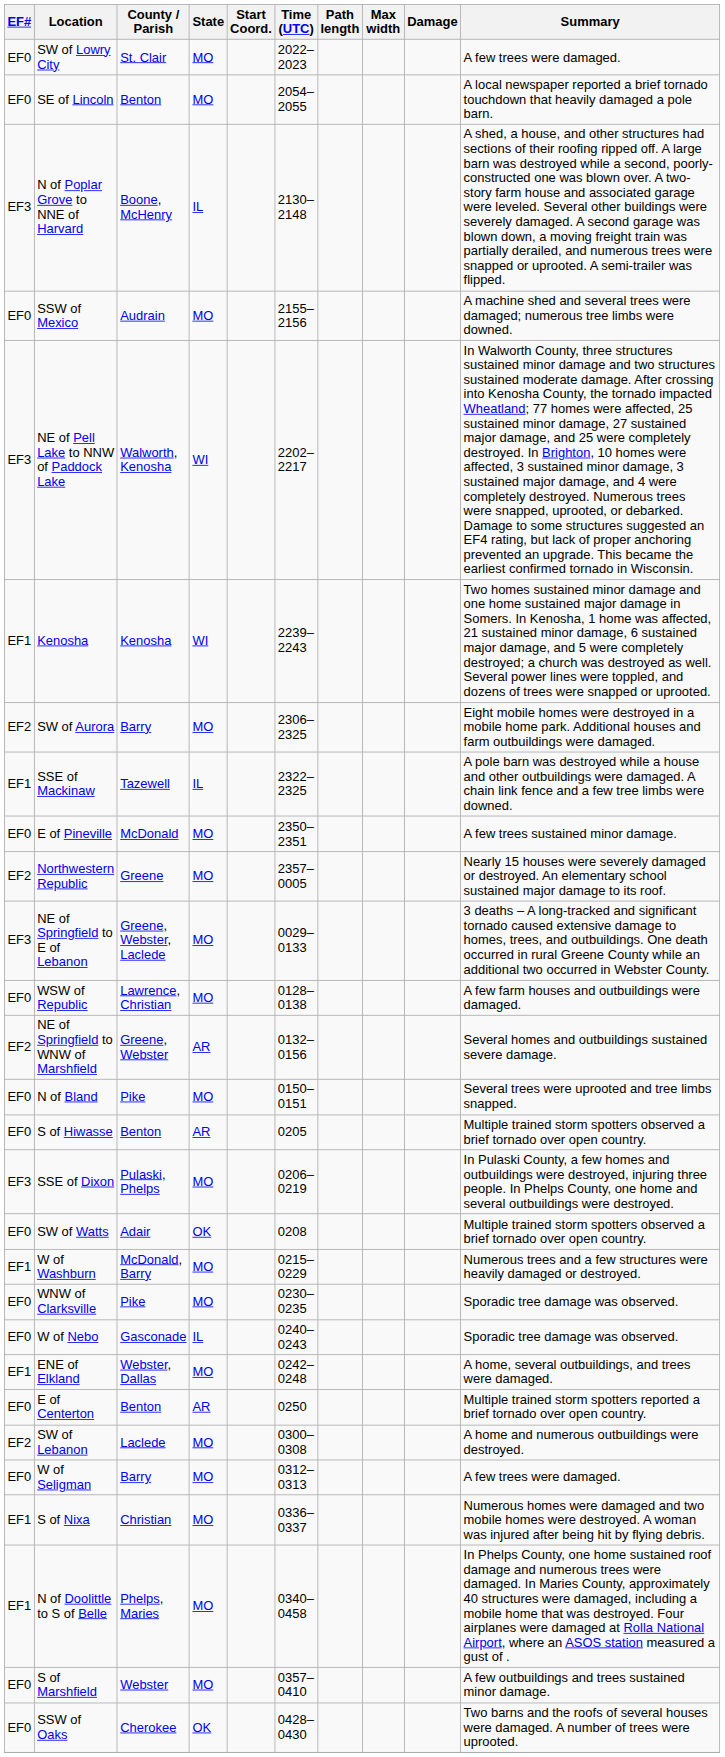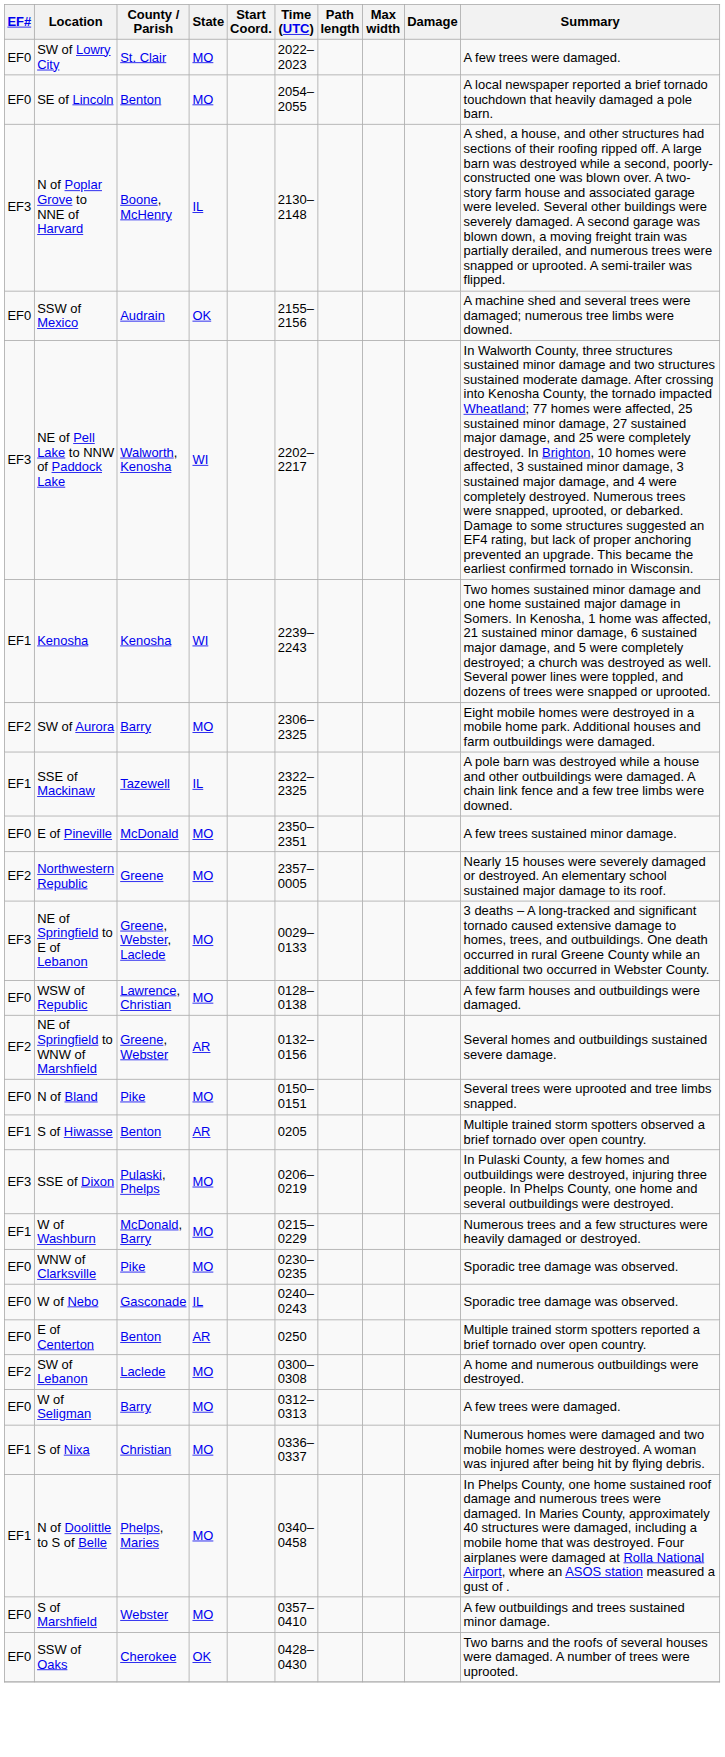 <table class="wikitable sortable" style="width:100%;">
 <tr>
 <th scope="col" width="3%" align="center"><a href='#'>EF#</a></th>
 <th scope="col" width="7%" align="center" class="unsortable">Location</th>
 <th scope="col" width="6%" align="center" class="unsortable">County / Parish</th>
 <th scope="col" width="5%" align="center">State</th>
 <th scope="col" width="6%" align="center">Start Coord.</th>
 <th scope="col" width="6%" align="center">Time (<a href='#'>UTC</a>)</th>
 <th scope="col" width="6%" align="center">Path length</th>
 <th scope="col" width="6%" align="center">Max width</th>
 <th scope="col" width="6%" align="center">Damage</th>
 <th scope="col" width="48%" class="unsortable" align="center">Summary</th>
 </tr>
 <tr>
 <td>EF0</td>
 <td>SW of <a href='#'>Lowry City</a></td>
 <td><a href='#'>St. Clair</a></td>
 <td><a href='#'>MO</a></td>
 <td></td>
 <td>2022–2023</td>
 <td></td>
 <td></td>
 <td></td>
 <td>A few trees were damaged.</td>
 </tr>
 <tr>
 <td>EF0</td>
 <td>SE of <a href='#'>Lincoln</a></td>
 <td><a href='#'>Benton</a></td>
 <td><a href='#'>MO</a></td>
 <td></td>
 <td>2054–2055</td>
 <td></td>
 <td></td>
 <td></td>
 <td>A local newspaper reported a brief tornado touchdown that heavily damaged a pole barn.</td>
 </tr>
 <tr>
 <td>EF3</td>
 <td>N of <a href='#'>Poplar Grove</a> to NNE of <a href='#'>Harvard</a></td>
 <td><a href='#'>Boone</a>, <a href='#'>McHenry</a></td>
 <td><a href='#'>IL</a></td>
 <td></td>
 <td>2130–2148</td>
 <td></td>
 <td></td>
 <td></td>
 <td>A shed, a house, and other structures had sections of their roofing ripped off. A large barn was destroyed while a second, poorly-constructed one was blown over. A two-story farm house and associated garage were leveled. Several other buildings were severely damaged. A second garage was blown down, a moving freight train was partially derailed, and numerous trees were snapped or uprooted. A semi-trailer was flipped.</td>
 </tr>
 <tr>
 <td>EF0</td>
 <td>SSW of <a href='#'>Mexico</a></td>
 <td><a href='#'>Audrain</a></td>
-<td><a href='#'>MO</a></td>
+<td><a href='#'>OK</a></td>
 <td></td>
 <td>2155–2156</td>
 <td></td>
 <td></td>
 <td></td>
 <td>A machine shed and several trees were damaged; numerous tree limbs were downed.</td>
 </tr>
 <tr>
 <td>EF3</td>
 <td>NE of <a href='#'>Pell Lake</a> to NNW of <a href='#'>Paddock Lake</a></td>
 <td><a href='#'>Walworth</a>, <a href='#'>Kenosha</a></td>
 <td><a href='#'>WI</a></td>
 <td></td>
 <td>2202–2217</td>
 <td></td>
 <td></td>
 <td></td>
 <td>In Walworth County, three structures sustained minor damage and two structures sustained moderate damage. After crossing into Kenosha County, the tornado impacted <a href='#'>Wheatland</a>; 77 homes were affected, 25 sustained minor damage, 27 sustained major damage, and 25 were completely destroyed. In <a href='#'>Brighton</a>, 10 homes were affected, 3 sustained minor damage, 3 sustained major damage, and 4 were completely destroyed. Numerous trees were snapped, uprooted, or debarked. Damage to some structures suggested an EF4 rating, but lack of proper anchoring prevented an upgrade. This became the earliest confirmed tornado in Wisconsin.</td>
 </tr>
 <tr>
 <td>EF1</td>
 <td><a href='#'>Kenosha</a></td>
 <td><a href='#'>Kenosha</a></td>
 <td><a href='#'>WI</a></td>
 <td></td>
 <td>2239–2243</td>
 <td></td>
 <td></td>
 <td></td>
 <td>Two homes sustained minor damage and one home sustained major damage in Somers. In Kenosha, 1 home was affected, 21 sustained minor damage, 6 sustained major damage, and 5 were completely destroyed; a church was destroyed as well. Several power lines were toppled, and dozens of trees were snapped or uprooted.</td>
 </tr>
 <tr>
 <td>EF2</td>
 <td>SW of <a href='#'>Aurora</a></td>
 <td><a href='#'>Barry</a></td>
 <td><a href='#'>MO</a></td>
 <td></td>
 <td>2306–2325</td>
 <td></td>
 <td></td>
 <td></td>
 <td>Eight mobile homes were destroyed in a mobile home park. Additional houses and farm outbuildings were damaged.</td>
 </tr>
 <tr>
 <td>EF1</td>
 <td>SSE of <a href='#'>Mackinaw</a></td>
 <td><a href='#'>Tazewell</a></td>
 <td><a href='#'>IL</a></td>
 <td></td>
 <td>2322–2325</td>
 <td></td>
 <td></td>
 <td></td>
 <td>A pole barn was destroyed while a house and other outbuildings were damaged. A chain link fence and a few tree limbs were downed.</td>
 </tr>
 <tr>
 <td>EF0</td>
 <td>E of <a href='#'>Pineville</a></td>
 <td><a href='#'>McDonald</a></td>
 <td><a href='#'>MO</a></td>
 <td></td>
 <td>2350–2351</td>
 <td></td>
 <td></td>
 <td></td>
 <td>A few trees sustained minor damage.</td>
 </tr>
 <tr>
 <td>EF2</td>
 <td><a href='#'>Northwestern Republic</a></td>
 <td><a href='#'>Greene</a></td>
 <td><a href='#'>MO</a></td>
 <td></td>
 <td>2357–0005</td>
 <td></td>
 <td></td>
 <td></td>
 <td>Nearly 15 houses were severely damaged or destroyed. An elementary school sustained major damage to its roof.</td>
 </tr>
 <tr>
 <td>EF3</td>
 <td>NE of <a href='#'>Springfield</a> to E of <a href='#'>Lebanon</a></td>
 <td><a href='#'>Greene</a>, <a href='#'>Webster</a>, <a href='#'>Laclede</a></td>
 <td><a href='#'>MO</a></td>
 <td></td>
 <td>0029–0133</td>
 <td></td>
 <td></td>
 <td></td>
 <td>3 deaths – A long-tracked and significant tornado caused extensive damage to homes, trees, and outbuildings. One death occurred in rural Greene County while an additional two occurred in Webster County.<br></td>
 </tr>
 <tr>
 <td>EF0</td>
 <td>WSW of <a href='#'>Republic</a></td>
 <td><a href='#'>Lawrence</a>, <a href='#'>Christian</a></td>
 <td><a href='#'>MO</a></td>
 <td></td>
 <td>0128–0138</td>
 <td></td>
 <td></td>
 <td></td>
 <td>A few farm houses and outbuildings were damaged.</td>
 </tr>
 <tr>
 <td>EF2</td>
 <td>NE of <a href='#'>Springfield</a> to WNW of <a href='#'>Marshfield</a></td>
 <td><a href='#'>Greene</a>, <a href='#'>Webster</a></td>
 <td><a href='#'>AR</a></td>
 <td></td>
 <td>0132–0156</td>
 <td></td>
 <td></td>
 <td></td>
 <td>Several homes and outbuildings sustained severe damage.</td>
 </tr>
 <tr>
 <td>EF0</td>
 <td>N of <a href='#'>Bland</a></td>
 <td><a href='#'>Pike</a></td>
 <td><a href='#'>MO</a></td>
 <td></td>
 <td>0150–0151</td>
 <td></td>
 <td></td>
 <td></td>
 <td>Several trees were uprooted and tree limbs snapped.</td>
 </tr>
 <tr>
-<td>EF0</td>
+<td>EF1</td>
 <td>S of <a href='#'>Hiwasse</a></td>
 <td><a href='#'>Benton</a></td>
 <td><a href='#'>AR</a></td>
 <td></td>
 <td>0205</td>
 <td></td>
 <td></td>
 <td></td>
 <td>Multiple trained storm spotters observed a brief tornado over open country.</td>
 </tr>
 <tr>
 <td>EF3</td>
 <td>SSE of <a href='#'>Dixon</a></td>
 <td><a href='#'>Pulaski</a>, <a href='#'>Phelps</a></td>
 <td><a href='#'>MO</a></td>
 <td></td>
 <td>0206–0219</td>
 <td></td>
 <td></td>
 <td></td>
 <td>In Pulaski County, a few homes and outbuildings were destroyed, injuring three people. In Phelps County, one home and several outbuildings were destroyed.</td>
-</tr>
-<tr>
-<td>EF0</td>
-<td>SW of <a href='#'>Watts</a></td>
-<td><a href='#'>Adair</a></td>
-<td><a href='#'>OK</a></td>
-<td></td>
-<td>0208</td>
-<td></td>
-<td></td>
-<td></td>
-<td>Multiple trained storm spotters observed a brief tornado over open country.</td>
 </tr>
 <tr>
 <td>EF1</td>
 <td>W of <a href='#'>Washburn</a></td>
 <td><a href='#'>McDonald</a>, <a href='#'>Barry</a></td>
 <td><a href='#'>MO</a></td>
 <td></td>
 <td>0215–0229</td>
 <td></td>
 <td></td>
 <td></td>
 <td>Numerous trees and a few structures were heavily damaged or destroyed.</td>
 </tr>
 <tr>
 <td>EF0</td>
 <td>WNW of <a href='#'>Clarksville</a></td>
 <td><a href='#'>Pike</a></td>
 <td><a href='#'>MO</a></td>
 <td></td>
 <td>0230–0235</td>
 <td></td>
 <td></td>
 <td></td>
 <td>Sporadic tree damage was observed.</td>
 </tr>
 <tr>
 <td>EF0</td>
 <td>W of <a href='#'>Nebo</a></td>
 <td><a href='#'>Gasconade</a></td>
 <td><a href='#'>IL</a></td>
 <td></td>
 <td>0240–0243</td>
 <td></td>
 <td></td>
 <td></td>
 <td>Sporadic tree damage was observed.</td>
-</tr>
-<tr>
-<td>EF1</td>
-<td>ENE of <a href='#'>Elkland</a></td>
-<td><a href='#'>Webster</a>, <a href='#'>Dallas</a></td>
-<td><a href='#'>MO</a></td>
-<td></td>
-<td>0242–0248</td>
-<td></td>
-<td></td>
-<td></td>
-<td>A home, several outbuildings, and trees were damaged.</td>
 </tr>
 <tr>
 <td>EF0</td>
 <td>E of <a href='#'>Centerton</a></td>
 <td><a href='#'>Benton</a></td>
 <td><a href='#'>AR</a></td>
 <td></td>
 <td>0250</td>
 <td></td>
 <td></td>
 <td></td>
 <td>Multiple trained storm spotters reported a brief tornado over open country.</td>
 </tr>
 <tr>
 <td>EF2</td>
 <td>SW of <a href='#'>Lebanon</a></td>
 <td><a href='#'>Laclede</a></td>
 <td><a href='#'>MO</a></td>
 <td></td>
 <td>0300–0308</td>
 <td></td>
 <td></td>
 <td></td>
 <td>A home and numerous outbuildings were destroyed.</td>
 </tr>
 <tr>
 <td>EF0</td>
 <td>W of <a href='#'>Seligman</a></td>
 <td><a href='#'>Barry</a></td>
 <td><a href='#'>MO</a></td>
 <td></td>
 <td>0312–0313</td>
 <td></td>
 <td></td>
 <td></td>
 <td>A few trees were damaged.</td>
 </tr>
 <tr>
 <td>EF1</td>
 <td>S of <a href='#'>Nixa</a></td>
 <td><a href='#'>Christian</a></td>
 <td><a href='#'>MO</a></td>
 <td></td>
 <td>0336–0337</td>
 <td></td>
 <td></td>
 <td></td>
 <td>Numerous homes were damaged and two mobile homes were destroyed. A woman was injured after being hit by flying debris.</td>
 </tr>
 <tr>
 <td>EF1</td>
 <td>N of <a href='#'>Doolittle</a> to S of <a href='#'>Belle</a></td>
 <td><a href='#'>Phelps</a>, <a href='#'>Maries</a></td>
 <td><a href='#'>MO</a></td>
 <td></td>
 <td>0340–0458</td>
 <td></td>
 <td></td>
 <td></td>
 <td>In Phelps County, one home sustained roof damage and numerous trees were damaged. In Maries County, approximately 40 structures were damaged, including a mobile home that was destroyed. Four airplanes were damaged at <a href='#'>Rolla National Airport</a>, where an <a href='#'>ASOS station</a> measured a gust of .</td>
 </tr>
 <tr>
 <td>EF0</td>
 <td>S of <a href='#'>Marshfield</a></td>
 <td><a href='#'>Webster</a></td>
 <td><a href='#'>MO</a></td>
 <td></td>
 <td>0357–0410</td>
 <td></td>
 <td></td>
 <td></td>
 <td>A few outbuildings and trees sustained minor damage.</td>
 </tr>
 <tr>
 <td>EF0</td>
 <td>SSW of <a href='#'>Oaks</a></td>
 <td><a href='#'>Cherokee</a></td>
 <td><a href='#'>OK</a></td>
 <td></td>
 <td>0428–0430</td>
 <td></td>
 <td></td>
 <td></td>
 <td>Two barns and the roofs of several houses were damaged. A number of trees were uprooted.</td>
 </tr>
 <tr>
 </tr>
 </table>
